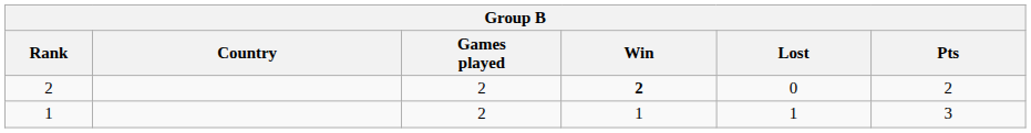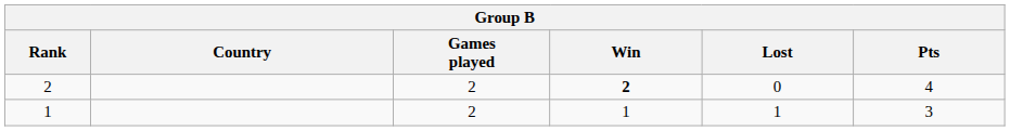 <table class="wikitable" style= "text-align: center; Width:50%">
 <tr>
 <th colspan= 6>Group B</th>
 </tr>
 <tr>
 <th width=2%>Rank</th>
 <th width=10%>Country</th>
 <th width=5%>Games <br> played</th>
 <th width=5%>Win</th>
 <th width=5%>Lost</th>
 <th width=5%>Pts</th>
 </tr>
 <tr>
 <td>2</td>
 <td style= "text-align: left"></td>
 <td>2</td>
 <td><strong>2</strong></td>
 <td>0</td>
-<td>2</td>
+<td>4</td>
 </tr>
 <tr>
 <td>1</td>
 <td style= "text-align: left"></td>
 <td>2</td>
 <td>1</td>
 <td>1</td>
 <td>3</td>
 </tr>
 </table>
